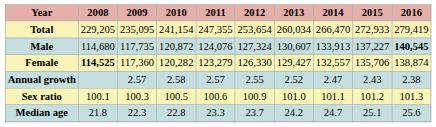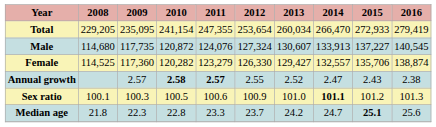 <table class="wikitable" style="margin: auto;" "text-align:center;font-size:90%;"|>
 <tr>
 <th style="background:#e5afaa; color:#000; height:18px;">Year</th>
 <th style="background:#e5afaa; color:#000;">2008</th>
 <th style="background:#e5afaa; color:#000;">2009</th>
 <th style="background:#e5afaa; color:#000;">2010</th>
 <th style="background:#e5afaa; color:#000;">2011</th>
 <th style="background:#e5afaa; color:#000;">2012</th>
 <th style="background:#e5afaa; color:#000;">2013</th>
 <th style="background:#e5afaa; color:#000;">2014</th>
 <th style="background:#e5afaa; color:#000;">2015</th>
 <th style="background:#e5afaa; color:#000;">2016</th>
 </tr>
 <tr>
 <th style="background:#f9f4b7; color:#000; height:16px;">Total</th>
 <td style="text-align:center; background:#f9f4b7; color:#000;">229,205</td>
 <td style="text-align:center; background:#f9f4b7; color:#000;">235,095</td>
 <td style="text-align:center; background:#f9f4b7; color:#000;">241,154</td>
 <td style="text-align:center; background:#f9f4b7; color:#000;">247,355</td>
 <td style="text-align:center; background:#f9f4b7; color:#000;">253,654</td>
 <td style="text-align:center; background:#f9f4b7; color:#000;">260,034</td>
 <td style="text-align:center; background:#f9f4b7; color:#000;">266,470</td>
 <td style="text-align:center; background:#f9f4b7; color:#000;">272,933</td>
 <td style="text-align:center; background:#f9f4b7; color:#000;">279,419</td>
 </tr>
 <tr>
 <th style="background:#c5dfe1; color:#000; height:16px;">Male</th>
 <td style="text-align:center; background:#c5dfe1; color:#000;">114,680</td>
 <td style="text-align:center; background:#c5dfe1; color:#000;">117,735</td>
 <td style="text-align:center; background:#c5dfe1; color:#000;">120,872</td>
 <td style="text-align:center; background:#c5dfe1; color:#000;">124,076</td>
 <td style="text-align:center; background:#c5dfe1; color:#000;">127,324</td>
 <td style="text-align:center; background:#c5dfe1; color:#000;">130,607</td>
 <td style="text-align:center; background:#c5dfe1; color:#000;">133,913</td>
 <td style="text-align:center; background:#c5dfe1; color:#000;">137,227</td>
-<td style="text-align:center; background:#c5dfe1; color:#000;"><strong>140,545</strong></td>
+<td style="text-align:center; background:#c5dfe1; color:#000;">140,545</td>
 </tr>
 <tr>
 <th style="background:#f9f4b7; color:#000; height:16px;">Female</th>
-<td style="text-align:center; background:#f9f4b7; color:#000;"><strong>114,525</strong></td>
+<td style="text-align:center; background:#f9f4b7; color:#000;">114,525</td>
 <td style="text-align:center; background:#f9f4b7; color:#000;">117,360</td>
 <td style="text-align:center; background:#f9f4b7; color:#000;">120,282</td>
 <td style="text-align:center; background:#f9f4b7; color:#000;">123,279</td>
 <td style="text-align:center; background:#f9f4b7; color:#000;">126,330</td>
 <td style="text-align:center; background:#f9f4b7; color:#000;">129,427</td>
 <td style="text-align:center; background:#f9f4b7; color:#000;">132,557</td>
 <td style="text-align:center; background:#f9f4b7; color:#000;">135,706</td>
 <td style="text-align:center; background:#f9f4b7; color:#000;">138,874</td>
 </tr>
 <tr>
 <th style="background:#c5dfe1; color:#000; height:16px;">Annual growth</th>
 <td style="text-align:center; background:#c5dfe1; color:#000;"></td>
 <td style="text-align:center; background:#c5dfe1; color:#000;">2.57</td>
-<td style="text-align:center; background:#c5dfe1; color:#000;">2.58</td>
-<td style="text-align:center; background:#c5dfe1; color:#000;">2.57</td>
+<td style="text-align:center; background:#c5dfe1; color:#000;"><strong>2.58</strong></td>
+<td style="text-align:center; background:#c5dfe1; color:#000;"><strong>2.57</strong></td>
 <td style="text-align:center; background:#c5dfe1; color:#000;">2.55</td>
 <td style="text-align:center; background:#c5dfe1; color:#000;">2.52</td>
 <td style="text-align:center; background:#c5dfe1; color:#000;">2.47</td>
 <td style="text-align:center; background:#c5dfe1; color:#000;">2.43</td>
 <td style="text-align:center; background:#c5dfe1; color:#000;">2.38</td>
 </tr>
 <tr>
 <th style="background:#f9f4b7; color:#000; height:16px;">Sex ratio</th>
 <td style="text-align:center; background:#f9f4b7; color:#000;">100.1</td>
 <td style="text-align:center; background:#f9f4b7; color:#000;">100.3</td>
 <td style="text-align:center; background:#f9f4b7; color:#000;">100.5</td>
 <td style="text-align:center; background:#f9f4b7; color:#000;">100.6</td>
 <td style="text-align:center; background:#f9f4b7; color:#000;">100.9</td>
 <td style="text-align:center; background:#f9f4b7; color:#000;">101.0</td>
-<td style="text-align:center; background:#f9f4b7; color:#000;">101.1</td>
+<td style="text-align:center; background:#f9f4b7; color:#000;"><strong>101.1</strong></td>
 <td style="text-align:center; background:#f9f4b7; color:#000;">101.2</td>
 <td style="text-align:center; background:#f9f4b7; color:#000;">101.3</td>
 </tr>
 <tr>
 <th style="background:#c5dfe1; color:#000; height:16px;">Median age</th>
 <td style="text-align:center; background:#c5dfe1; color:#000;">21.8</td>
 <td style="text-align:center; background:#c5dfe1; color:#000;">22.3</td>
 <td style="text-align:center; background:#c5dfe1; color:#000;">22.8</td>
 <td style="text-align:center; background:#c5dfe1; color:#000;">23.3</td>
 <td style="text-align:center; background:#c5dfe1; color:#000;">23.7</td>
 <td style="text-align:center; background:#c5dfe1; color:#000;">24.2</td>
 <td style="text-align:center; background:#c5dfe1; color:#000;">24.7</td>
-<td style="text-align:center; background:#c5dfe1; color:#000;">25.1</td>
+<td style="text-align:center; background:#c5dfe1; color:#000;"><strong>25.1</strong></td>
 <td style="text-align:center; background:#c5dfe1; color:#000;">25.6</td>
 </tr>
 <tr>
 </tr>
 </table>
